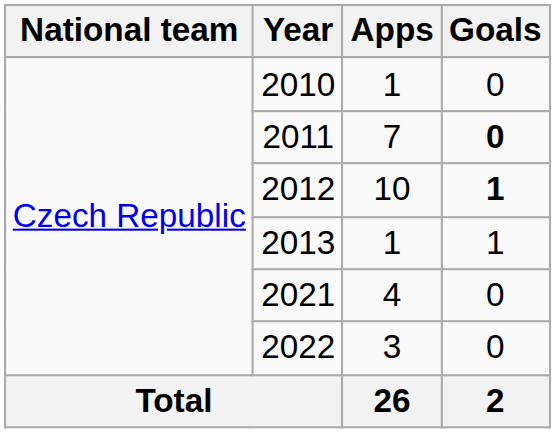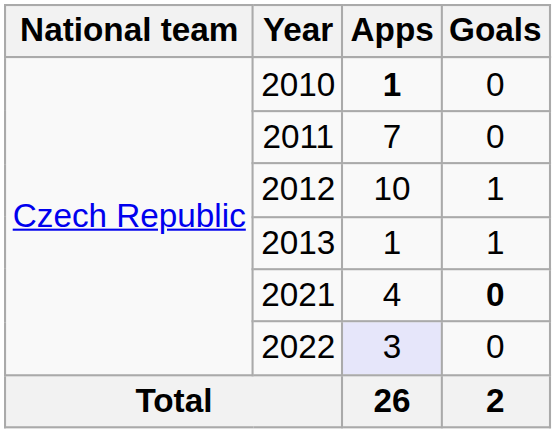 <table class="wikitable" style="text-align:center">
 <tr>
 <th>National team</th>
 <th>Year</th>
 <th>Apps</th>
 <th>Goals</th>
 </tr>
 <tr>
 <td rowspan=7><a href='#'>Czech Republic</a></td>
 </tr>
 <tr>
 <td>2010</td>
-<td>1</td>
+<td><strong>1</strong></td>
 <td>0</td>
 </tr>
 <tr>
 <td>2011</td>
 <td>7</td>
-<td><strong>0</strong></td>
+<td>0</td>
 </tr>
 <tr>
 <td>2012</td>
 <td>10</td>
-<td><strong>1</strong></td>
+<td>1</td>
 </tr>
 <tr>
 <td>2013</td>
 <td>1</td>
 <td>1</td>
 </tr>
 <tr>
 <td>2021</td>
 <td>4</td>
-<td>0</td>
+<td><strong>0</strong></td>
 </tr>
 <tr>
 <td>2022</td>
-<td>3</td>
+<td style="background: lavender;">3</td>
 <td>0</td>
 </tr>
 <tr>
 <th colspan="2">Total</th>
 <th>26</th>
 <th>2</th>
 </tr>
 </table>
